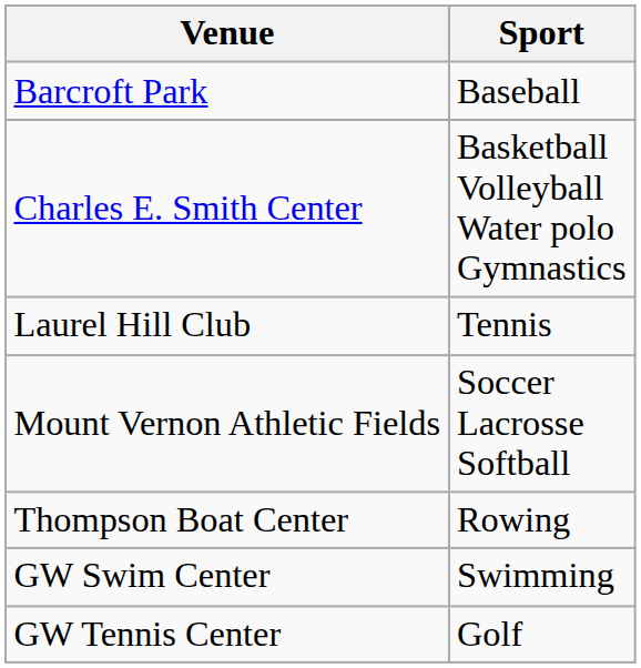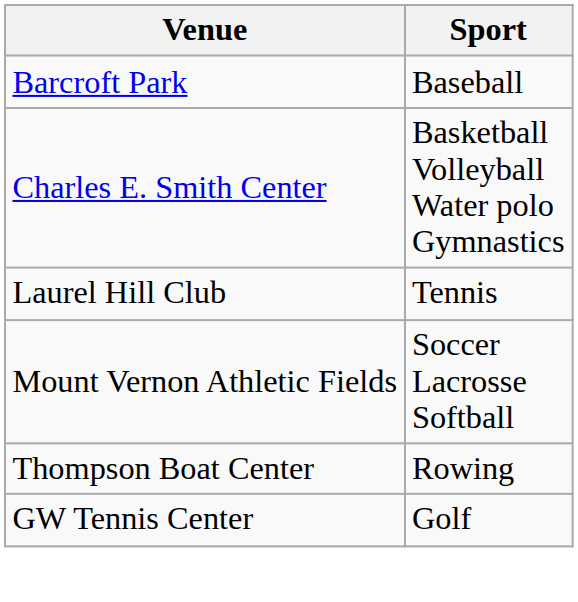 <table class="wikitable"; style= "text-align: ">
 <tr>
 <th width=px>Venue</th>
 <th width=px>Sport</th>
 </tr>
 <tr>
 <td><a href='#'>Barcroft Park</a></td>
 <td>Baseball</td>
 </tr>
 <tr>
 <td><a href='#'>Charles E. Smith Center</a></td>
 <td>Basketball <br> Volleyball <br> Water polo <br> Gymnastics</td>
 </tr>
 <tr>
 <td>Laurel Hill Club</td>
 <td>Tennis</td>
 </tr>
 <tr>
 <td>Mount Vernon Athletic Fields</td>
 <td>Soccer <br> Lacrosse <br> Softball</td>
 </tr>
 <tr>
 <td>Thompson Boat Center</td>
 <td>Rowing</td>
 </tr>
 <tr>
-<td>GW Swim Center</td>
-<td>Swimming</td>
-</tr>
-<tr>
 <td>GW Tennis Center</td>
 <td>Golf</td>
 </tr>
 </table>
